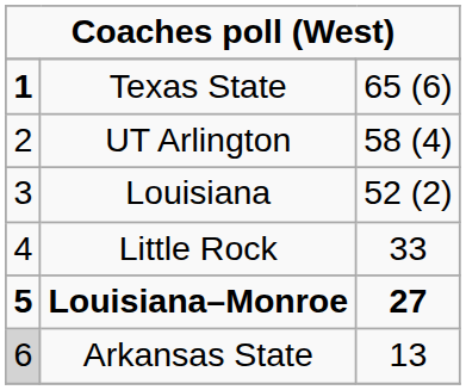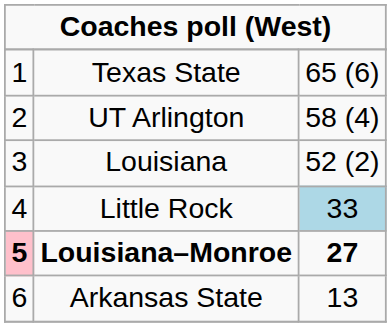 <table class="wikitable">
 <tr align="center">
 <td align="center" Colspan="3"><strong>Coaches poll (West)</strong></td>
 </tr>
 <tr align="center">
 </tr>
 <tr align="center">
-<td><strong>1</strong></td>
+<td>1</td>
 <td>Texas State</td>
 <td>65 (6)</td>
 </tr>
 <tr align="center">
 <td>2</td>
 <td>UT Arlington</td>
 <td>58 (4)</td>
 </tr>
 <tr align="center">
 <td>3</td>
 <td>Louisiana</td>
 <td>52 (2)</td>
 </tr>
 <tr align="center">
 <td>4</td>
 <td>Little Rock</td>
-<td>33</td>
+<td style="background: lightblue;">33</td>
 </tr>
 <tr align="center">
-<td><strong>5</strong></td>
+<td style="background: pink;"><strong>5</strong></td>
 <td><strong>Louisiana–Monroe</strong></td>
 <td><strong>27</strong></td>
 </tr>
 <tr align="center">
-<td style="background: lightgrey;">6</td>
+<td>6</td>
 <td>Arkansas State</td>
 <td>13</td>
 </tr>
 <tr align="center">
 </tr>
 </table>
